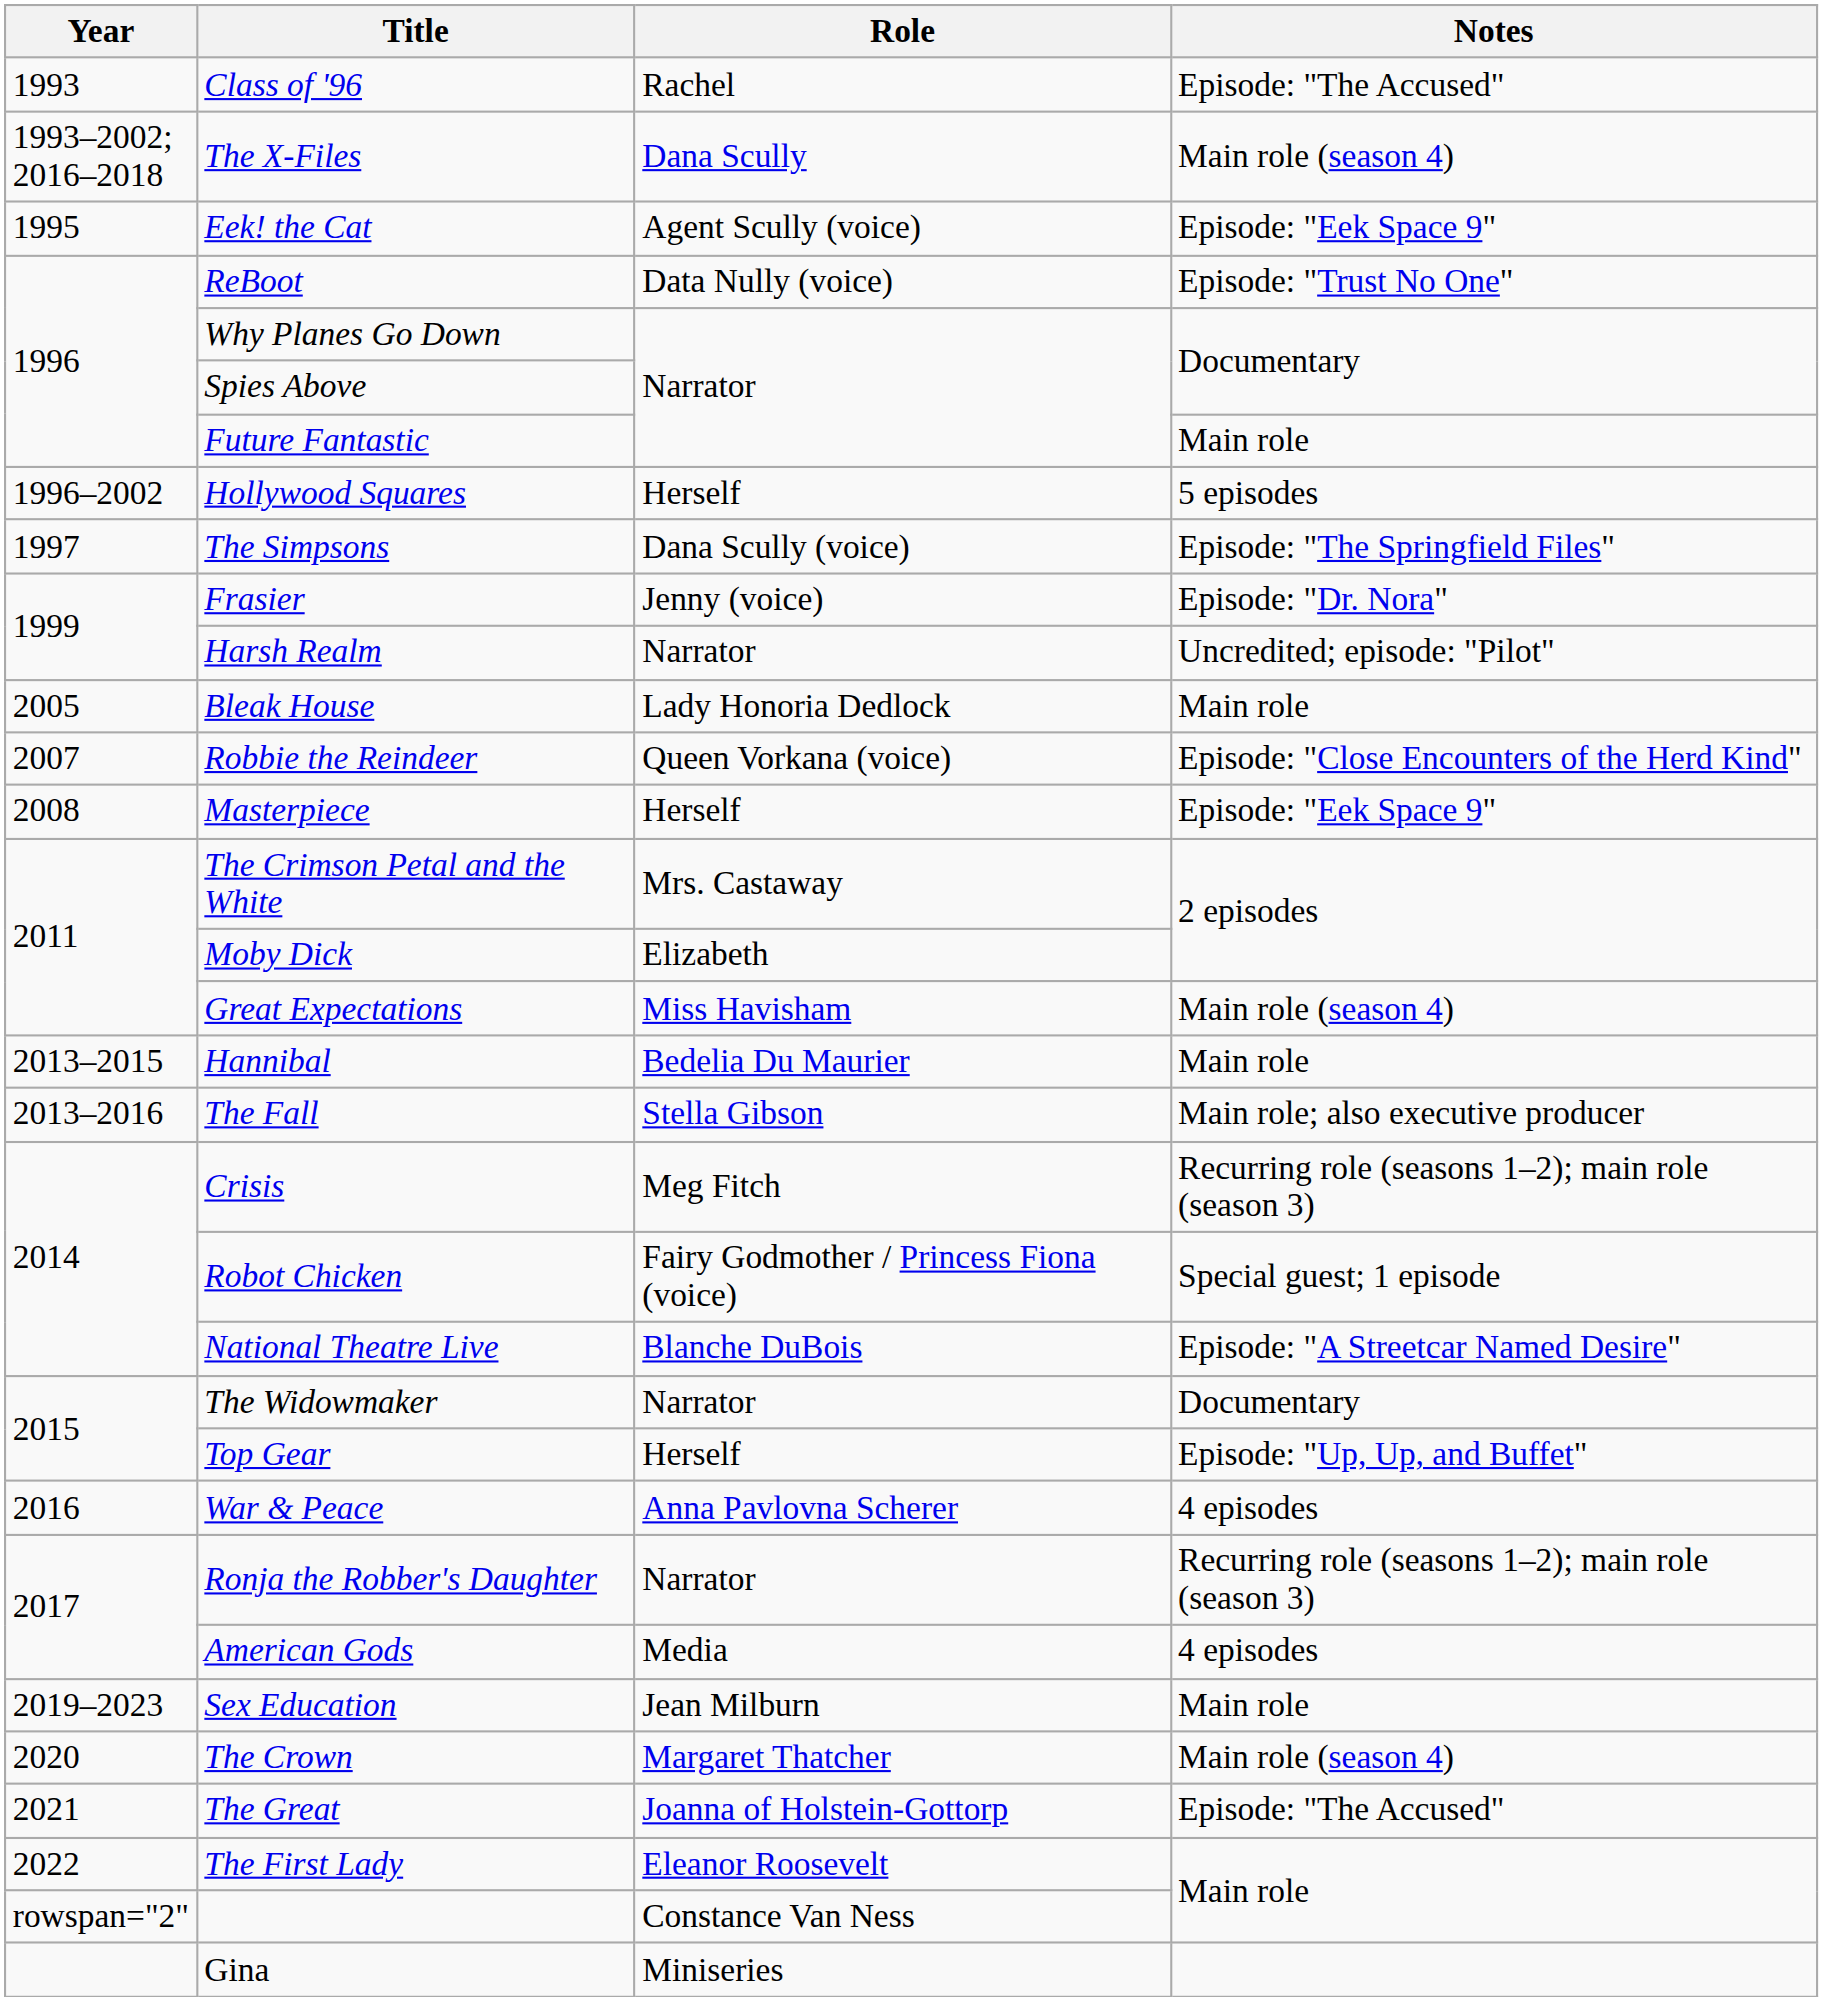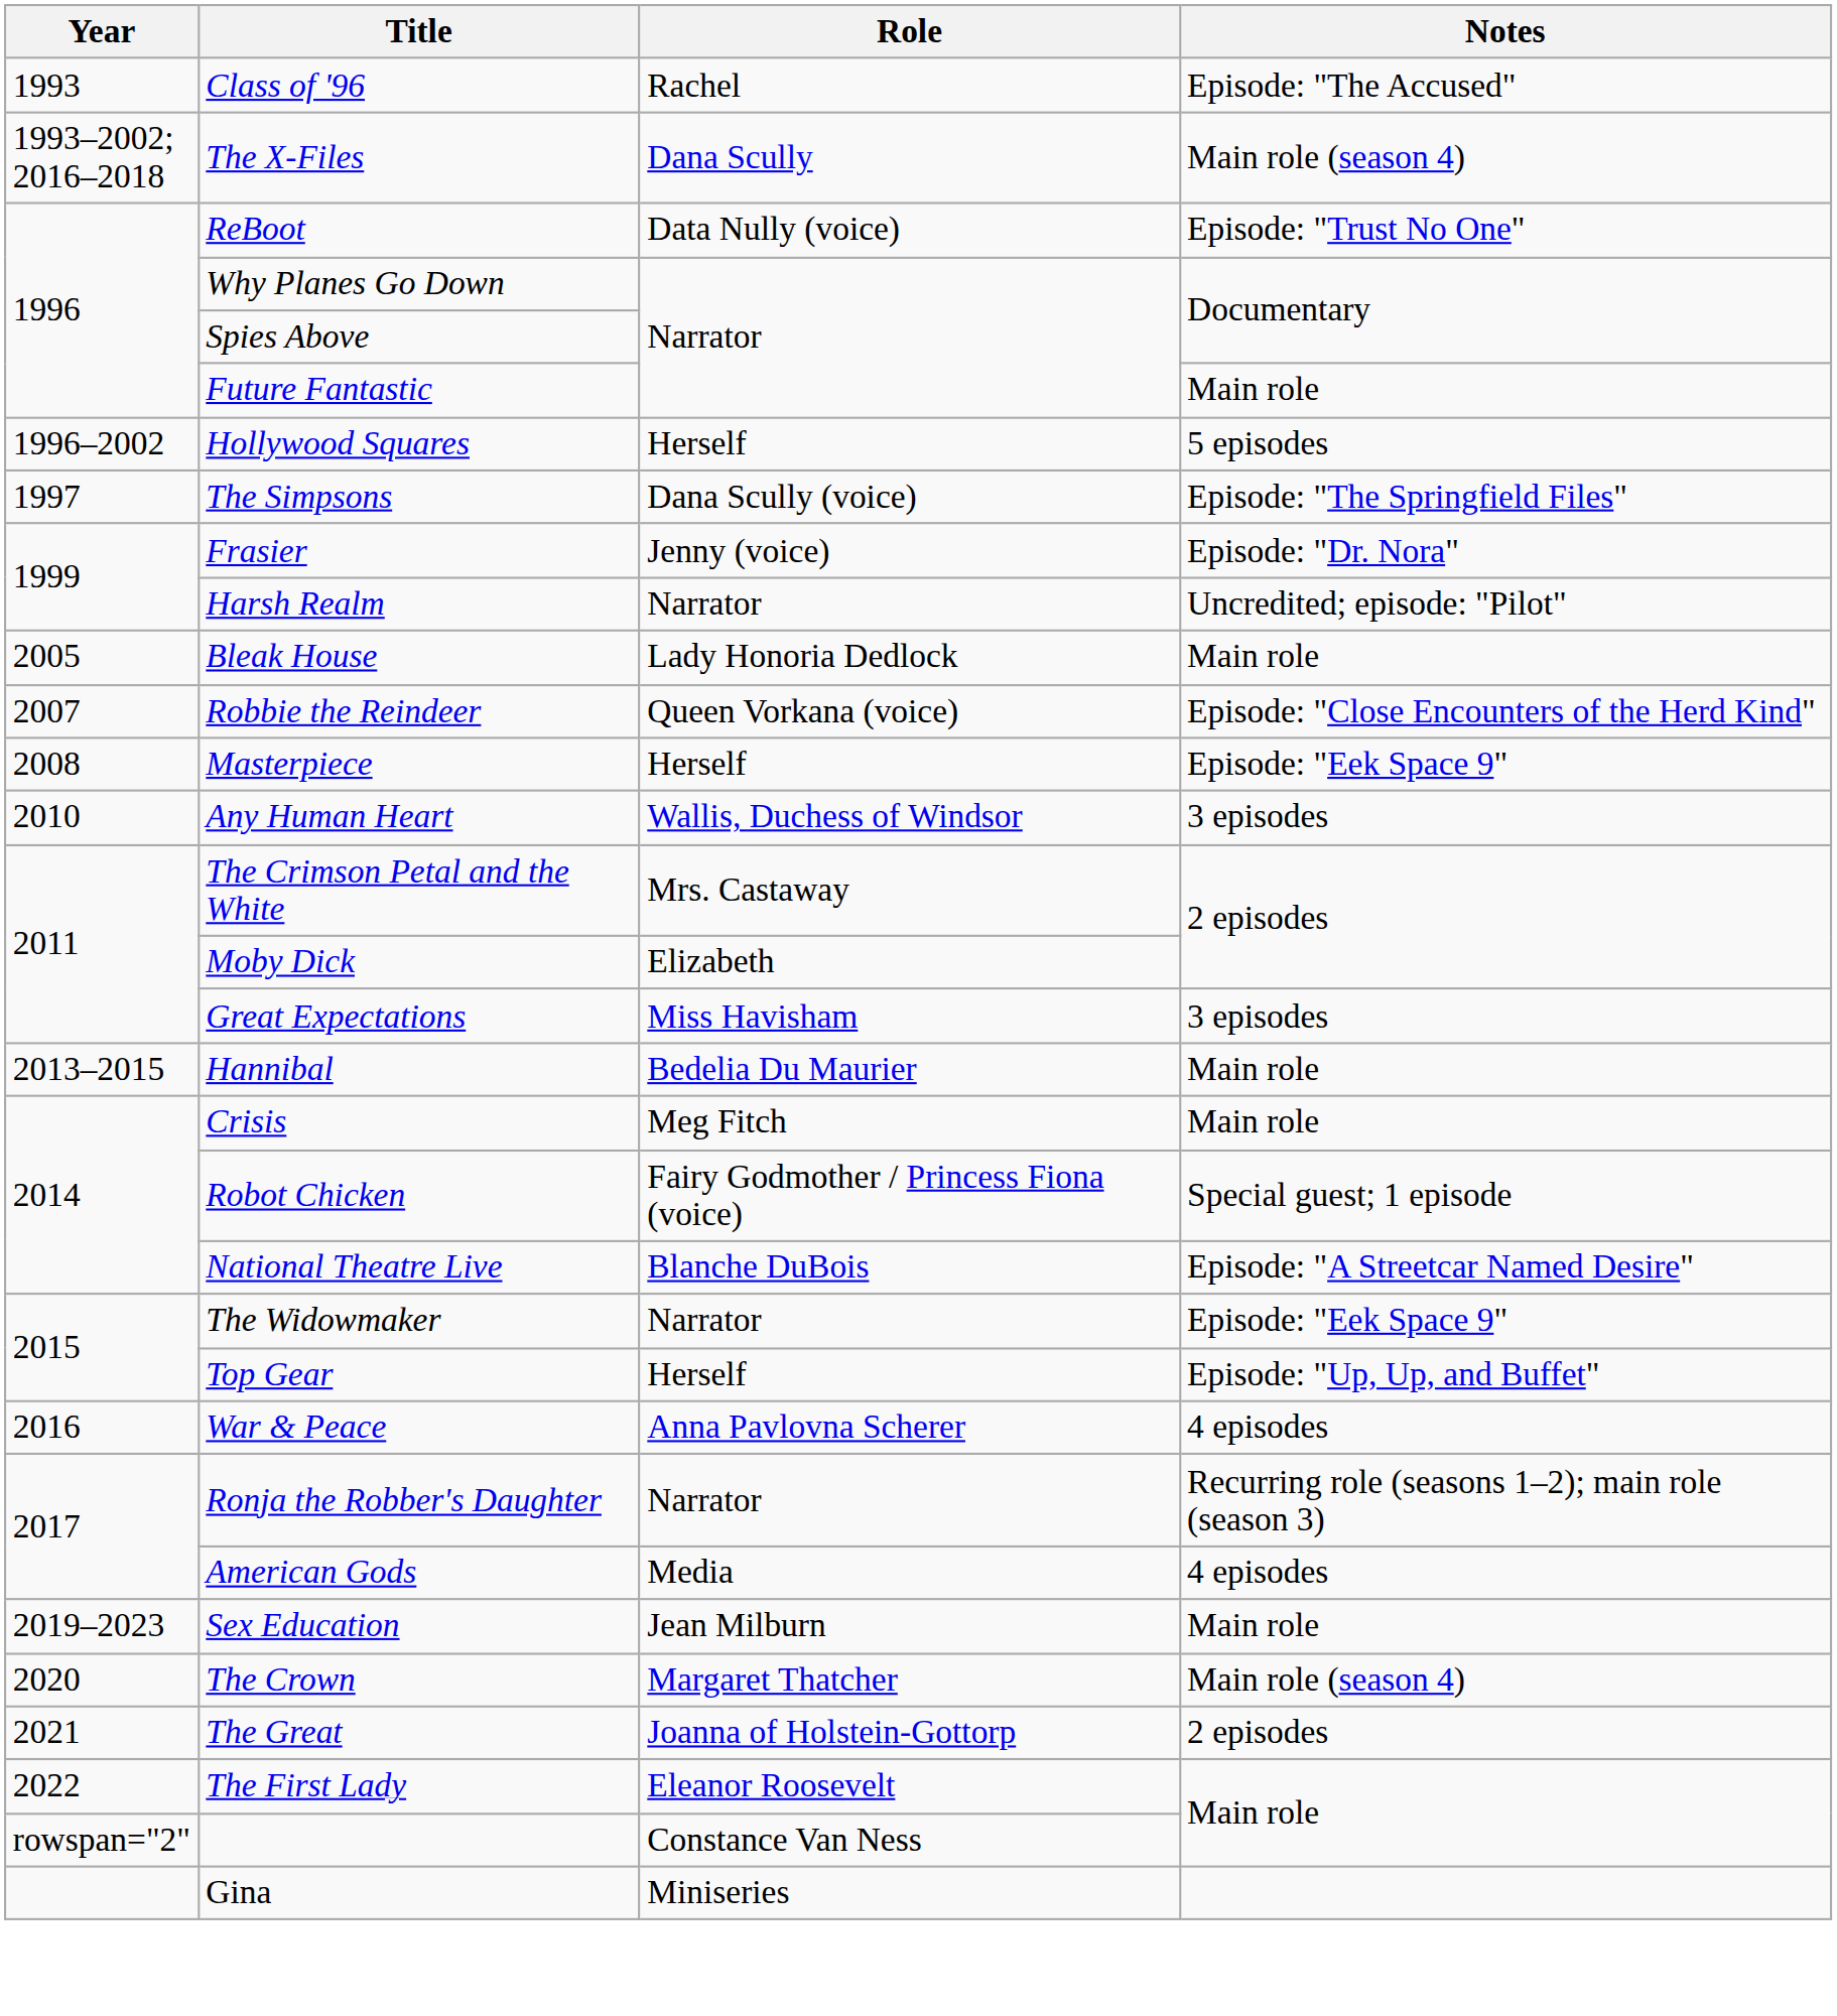 <table class="wikitable sortable">
 <tr>
 <th>Year</th>
 <th>Title</th>
 <th>Role</th>
 <th class="unsortable">Notes</th>
 </tr>
 <tr>
 <td>1993</td>
 <td><em><a href='#'>Class of '96</a></em></td>
 <td>Rachel</td>
 <td>Episode: "The Accused"</td>
 </tr>
 <tr>
 <td>1993–2002;<br>2016–2018</td>
 <td><em><a href='#'>The X-Files</a></em></td>
 <td><a href='#'>Dana Scully</a></td>
 <td>Main role (<a href='#'>season 4</a>)</td>
-</tr>
-<tr>
-<td>1995</td>
-<td><em><a href='#'>Eek! the Cat</a></em></td>
-<td>Agent Scully (voice)</td>
-<td>Episode: "<a href='#'>Eek Space 9</a>"</td>
 </tr>
 <tr>
 <td rowspan=4>1996</td>
 <td><em><a href='#'>ReBoot</a></em></td>
 <td>Data Nully (voice)</td>
 <td>Episode: "<a href='#'>Trust No One</a>"</td>
 </tr>
 <tr>
 <td><em>Why Planes Go Down</em></td>
 <td rowspan="3">Narrator</td>
 <td rowspan="2">Documentary</td>
 </tr>
 <tr>
 <td><em>Spies Above</em></td>
 </tr>
 <tr>
 <td><em><a href='#'>Future Fantastic</a></em></td>
 <td>Main role</td>
 </tr>
 <tr>
 <td>1996–2002</td>
 <td><em><a href='#'>Hollywood Squares</a></em></td>
 <td>Herself</td>
 <td>5 episodes</td>
 </tr>
 <tr>
 <td>1997</td>
 <td><em><a href='#'>The Simpsons</a></em></td>
 <td>Dana Scully (voice)</td>
 <td>Episode: "<a href='#'>The Springfield Files</a>"</td>
 </tr>
 <tr>
 <td rowspan=2>1999</td>
 <td><em><a href='#'>Frasier</a></em></td>
 <td>Jenny (voice)</td>
 <td>Episode: "<a href='#'>Dr. Nora</a>"</td>
 </tr>
 <tr>
 <td><em><a href='#'>Harsh Realm</a></em></td>
 <td>Narrator</td>
 <td>Uncredited; episode: "Pilot"</td>
 </tr>
 <tr>
 <td>2005</td>
 <td><em><a href='#'>Bleak House</a></em></td>
 <td>Lady Honoria Dedlock</td>
 <td>Main role</td>
 </tr>
 <tr>
 <td>2007</td>
 <td><em><a href='#'>Robbie the Reindeer</a></em></td>
 <td>Queen Vorkana (voice)</td>
 <td>Episode: "<a href='#'>Close Encounters of the Herd Kind</a>"</td>
 </tr>
 <tr>
 <td>2008</td>
 <td><em><a href='#'>Masterpiece</a></em></td>
 <td>Herself</td>
 <td>Episode: "<a href='#'>Eek Space 9</a>"</td>
 </tr>
 <tr>
+<td>2010</td>
+<td><em><a href='#'>Any Human Heart</a></em></td>
+<td><a href='#'>Wallis, Duchess of Windsor</a></td>
+<td>3 episodes</td>
+</tr>
+<tr>
 <td rowspan=3>2011</td>
 <td><em><a href='#'>The Crimson Petal and the White</a></em></td>
 <td>Mrs. Castaway</td>
 <td rowspan="2">2 episodes</td>
 </tr>
 <tr>
 <td><em><a href='#'>Moby Dick</a></em></td>
 <td>Elizabeth</td>
 </tr>
 <tr>
 <td><em><a href='#'>Great Expectations</a></em></td>
 <td><a href='#'>Miss Havisham</a></td>
-<td>Main role (<a href='#'>season 4</a>)</td>
+<td>3 episodes</td>
 </tr>
 <tr>
 <td>2013–2015</td>
 <td><em><a href='#'>Hannibal</a></em></td>
 <td><a href='#'>Bedelia Du Maurier</a></td>
 <td>Main role</td>
 </tr>
 <tr>
-<td>2013–2016</td>
-<td><em><a href='#'>The Fall</a></em></td>
-<td><a href='#'>Stella Gibson</a></td>
-<td>Main role; also executive producer</td>
-</tr>
-<tr>
 <td rowspan=3>2014</td>
 <td><em><a href='#'>Crisis</a></em></td>
 <td>Meg Fitch</td>
-<td>Recurring role (seasons 1–2); main role (season 3)</td>
+<td>Main role</td>
 </tr>
 <tr>
 <td><em><a href='#'>Robot Chicken</a></em></td>
 <td>Fairy Godmother / <a href='#'>Princess Fiona</a> (voice)</td>
 <td>Special guest; 1 episode</td>
 </tr>
 <tr>
 <td><em><a href='#'>National Theatre Live</a></em></td>
 <td><a href='#'>Blanche DuBois</a></td>
 <td>Episode: "<a href='#'>A Streetcar Named Desire</a>"</td>
 </tr>
 <tr>
 <td rowspan="2">2015</td>
 <td><em>The Widowmaker</em></td>
 <td>Narrator</td>
-<td>Documentary</td>
+<td>Episode: "<a href='#'>Eek Space 9</a>"</td>
 </tr>
 <tr>
 <td><a href='#'><em>Top Gear</em></a></td>
 <td>Herself</td>
 <td>Episode: "<a href='#'>Up, Up, and Buffet</a>"</td>
 </tr>
 <tr>
 <td>2016</td>
 <td><em><a href='#'>War & Peace</a></em></td>
 <td><a href='#'>Anna Pavlovna Scherer</a></td>
 <td>4 episodes</td>
 </tr>
 <tr>
 <td rowspan=2>2017</td>
 <td><em><a href='#'>Ronja the Robber's Daughter</a></em></td>
 <td>Narrator</td>
 <td>Recurring role (seasons 1–2); main role (season 3)</td>
 </tr>
 <tr>
 <td><em><a href='#'>American Gods</a></em></td>
 <td>Media</td>
 <td>4 episodes</td>
 </tr>
 <tr>
 <td>2019–2023</td>
 <td><em><a href='#'>Sex Education</a></em></td>
 <td>Jean Milburn</td>
 <td>Main role</td>
 </tr>
 <tr>
 <td>2020</td>
 <td><em><a href='#'>The Crown</a></em></td>
 <td><a href='#'>Margaret Thatcher</a></td>
 <td>Main role (<a href='#'>season 4</a>)</td>
 </tr>
 <tr>
 <td>2021</td>
 <td><em><a href='#'>The Great</a></em></td>
 <td><a href='#'>Joanna of Holstein-Gottorp</a></td>
-<td>Episode: "The Accused"</td>
+<td>2 episodes</td>
 </tr>
 <tr>
 <td>2022</td>
 <td><em><a href='#'>The First Lady</a></em></td>
 <td><a href='#'>Eleanor Roosevelt</a></td>
 <td rowspan="2">Main role</td>
 </tr>
 <tr>
 <td>rowspan="2" </td>
 <td></td>
 <td>Constance Van Ness</td>
 </tr>
 <tr>
 <td></td>
 <td>Gina</td>
 <td>Miniseries</td>
 </tr>
 </table>
